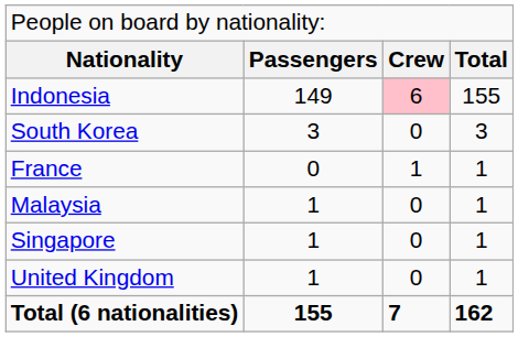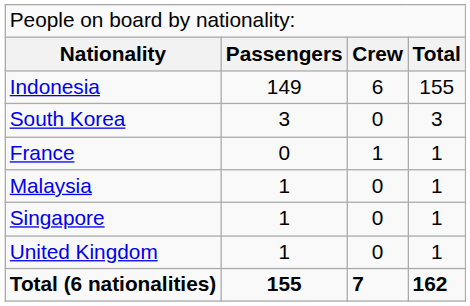 <table class="wikitable sortable mw-collapsible mw-collapsed" style="float: right; margin-right: 0; margin-left: 1em; margin-top:0;">
 <tr>
 <td colspan="4">People on board by nationality:</td>
 </tr>
 <tr>
 <th>Nationality</th>
 <th>Passengers</th>
 <th>Crew</th>
 <th>Total</th>
 </tr>
 <tr>
 <td><a href='#'>Indonesia</a></td>
 <td style="text-align:center;">149</td>
-<td style="background: pink; text-align:center;">6</td>
+<td style="text-align:center;">6</td>
 <td style="text-align:center;">155</td>
 </tr>
 <tr>
 <td><a href='#'>South Korea</a></td>
 <td style="text-align:center;">3</td>
 <td style="text-align:center;">0</td>
 <td style="text-align:center;">3</td>
 </tr>
 <tr>
 <td><a href='#'>France</a></td>
 <td style="text-align:center;">0</td>
 <td style="text-align:center;">1</td>
 <td style="text-align:center;">1</td>
 </tr>
 <tr>
 <td><a href='#'>Malaysia</a></td>
 <td style="text-align:center;">1</td>
 <td style="text-align:center;">0</td>
 <td style="text-align:center;">1</td>
 </tr>
 <tr>
 <td><a href='#'>Singapore</a></td>
 <td style="text-align:center;">1</td>
 <td style="text-align:center;">0</td>
 <td style="text-align:center;">1</td>
 </tr>
 <tr>
 <td><a href='#'>United Kingdom</a></td>
 <td style="text-align:center;">1</td>
 <td style="text-align:center;">0</td>
 <td style="text-align:center;">1</td>
 </tr>
 <tr class="sortbottom">
 <td><strong>Total (6 nationalities)</strong></td>
 <td style="text-align:center;"><strong>155</strong></td>
 <td><strong>7</strong></td>
 <td><strong>162</strong></td>
 </tr>
 </table>
